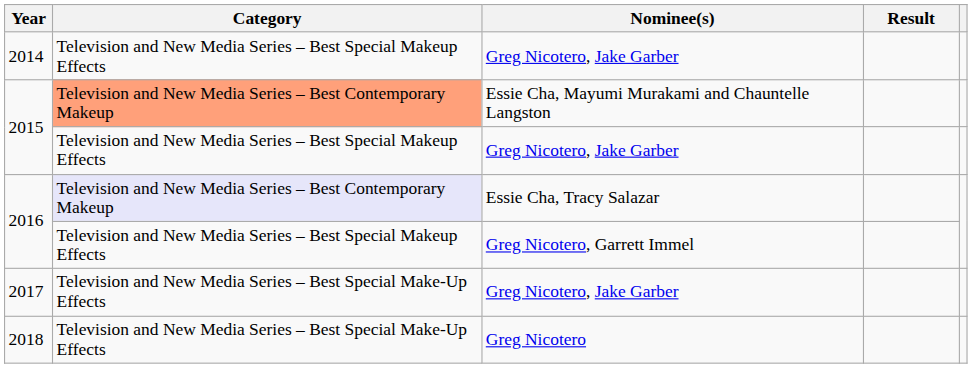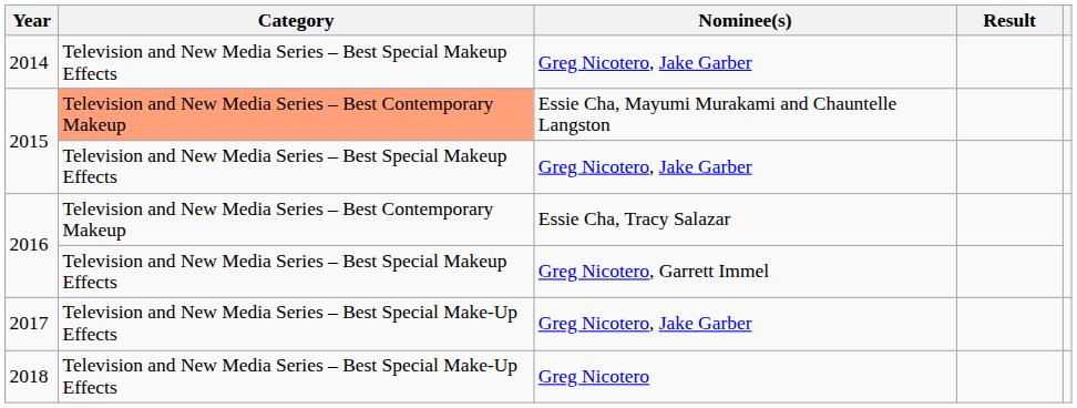 <table class="wikitable" width=100%>
 <tr>
 <th width=5%>Year</th>
 <th width=45%>Category</th>
 <th width=40%>Nominee(s)</th>
 <th width=10%>Result</th>
 <th width=5%></th>
 </tr>
 <tr>
 <td>2014</td>
 <td>Television and New Media Series – Best Special Makeup Effects</td>
 <td><a href='#'>Greg Nicotero</a>, <a href='#'>Jake Garber</a></td>
 <td></td>
 <td></td>
 </tr>
 <tr>
 <td rowspan=2>2015</td>
 <td style="background: lightsalmon;">Television and New Media Series – Best Contemporary Makeup</td>
 <td>Essie Cha, Mayumi Murakami and Chauntelle Langston</td>
 <td></td>
 <td></td>
 </tr>
 <tr>
 <td>Television and New Media Series – Best Special Makeup Effects</td>
 <td><a href='#'>Greg Nicotero</a>, <a href='#'>Jake Garber</a></td>
 <td></td>
 <td></td>
 </tr>
 <tr>
 <td rowspan=2>2016</td>
-<td style="background: lavender;">Television and New Media Series – Best Contemporary Makeup</td>
+<td>Television and New Media Series – Best Contemporary Makeup</td>
 <td>Essie Cha, Tracy Salazar</td>
 <td></td>
 <td rowspan=2></td>
 </tr>
 <tr>
 <td>Television and New Media Series – Best Special Makeup Effects</td>
 <td><a href='#'>Greg Nicotero</a>, Garrett Immel</td>
 <td></td>
 </tr>
 <tr>
 <td>2017</td>
 <td>Television and New Media Series – Best Special Make-Up Effects</td>
 <td><a href='#'>Greg Nicotero</a>, <a href='#'>Jake Garber</a></td>
 <td></td>
 <td></td>
 </tr>
 <tr>
 <td>2018</td>
 <td>Television and New Media Series – Best Special Make-Up Effects</td>
 <td><a href='#'>Greg Nicotero</a></td>
 <td></td>
 <td></td>
 </tr>
 </table>
